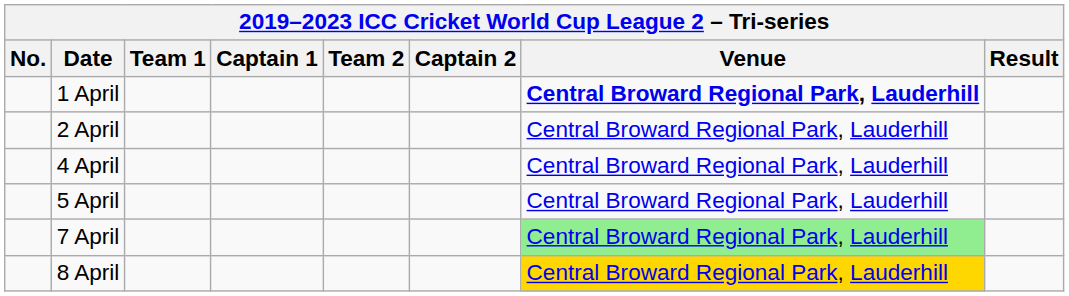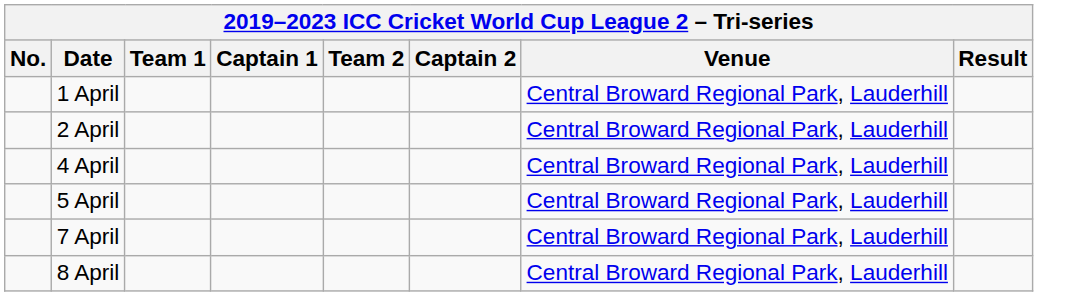 <table class="wikitable">
 <tr>
 <th colspan="9"><a href='#'>2019–2023 ICC Cricket World Cup League 2</a> – Tri-series</th>
 </tr>
 <tr>
 <th>No.</th>
 <th>Date</th>
 <th>Team 1</th>
 <th>Captain 1</th>
 <th>Team 2</th>
 <th>Captain 2</th>
 <th>Venue</th>
 <th>Result</th>
 </tr>
 <tr>
 <td></td>
 <td>1 April</td>
 <td></td>
 <td></td>
 <td></td>
 <td></td>
-<td><strong><a href='#'>Central Broward Regional Park</a>, <a href='#'>Lauderhill</a></strong></td>
+<td><a href='#'>Central Broward Regional Park</a>, <a href='#'>Lauderhill</a></td>
 <td></td>
 </tr>
 <tr>
 <td></td>
 <td>2 April</td>
 <td></td>
 <td></td>
 <td></td>
 <td></td>
 <td><a href='#'>Central Broward Regional Park</a>, <a href='#'>Lauderhill</a></td>
 <td></td>
 </tr>
 <tr>
 <td></td>
 <td>4 April</td>
 <td></td>
 <td></td>
 <td></td>
 <td></td>
 <td><a href='#'>Central Broward Regional Park</a>, <a href='#'>Lauderhill</a></td>
 <td></td>
 </tr>
 <tr>
 <td></td>
 <td>5 April</td>
 <td></td>
 <td></td>
 <td></td>
 <td></td>
 <td><a href='#'>Central Broward Regional Park</a>, <a href='#'>Lauderhill</a></td>
 <td></td>
 </tr>
 <tr>
 <td></td>
 <td>7 April</td>
 <td></td>
 <td></td>
 <td></td>
 <td></td>
-<td style="background: lightgreen;"><a href='#'>Central Broward Regional Park</a>, <a href='#'>Lauderhill</a></td>
+<td><a href='#'>Central Broward Regional Park</a>, <a href='#'>Lauderhill</a></td>
 <td></td>
 </tr>
 <tr>
 <td></td>
 <td>8 April</td>
 <td></td>
 <td></td>
 <td></td>
 <td></td>
-<td style="background: gold;"><a href='#'>Central Broward Regional Park</a>, <a href='#'>Lauderhill</a></td>
+<td><a href='#'>Central Broward Regional Park</a>, <a href='#'>Lauderhill</a></td>
 <td></td>
 </tr>
 </table>
